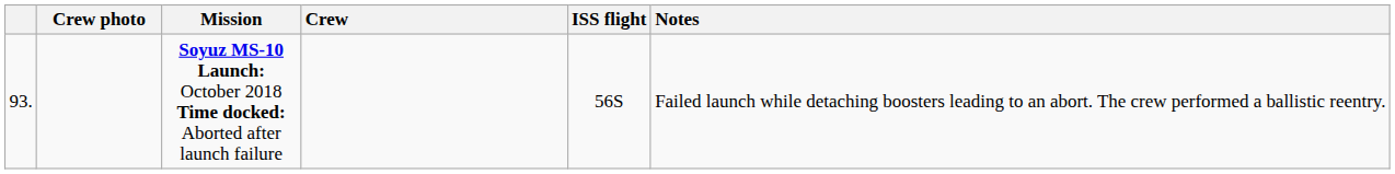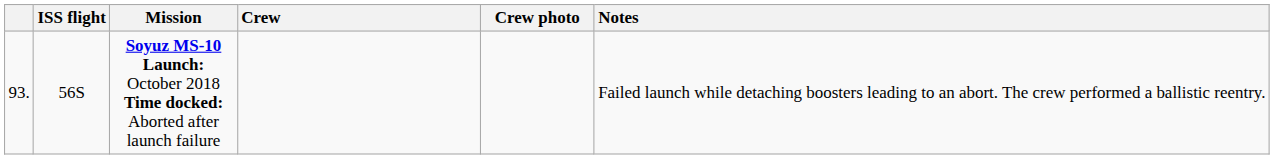 <table class="wikitable">
 <tr style="background:#efefef;">
 <th></th>
-<th style="width:100px;">Crew photo</th>
+<th>ISS flight</th>
 <th style="width:113px;">Mission</th>
 <th style="text-align:left; width:222px;">Crew</th>
-<th>ISS flight</th>
+<th style="width:100px;">Crew photo</th>
 <th style="text-align:left">Notes</th>
 </tr>
 <tr>
 <td style="text-align:center;">93.</td>
-<td></td>
+<td style="text-align:center;">56S</td>
 <td style="text-align:center;"><strong><a href='#'>Soyuz MS-10</a></strong><br><strong>Launch:</strong><br>October 2018<br><strong>Time docked:</strong> Aborted after launch failure</td>
 <td></td>
-<td style="text-align:center;">56S</td>
+<td></td>
 <td>Failed launch while detaching boosters leading to an abort. The crew performed a ballistic reentry.</td>
 </tr>
 </table>
